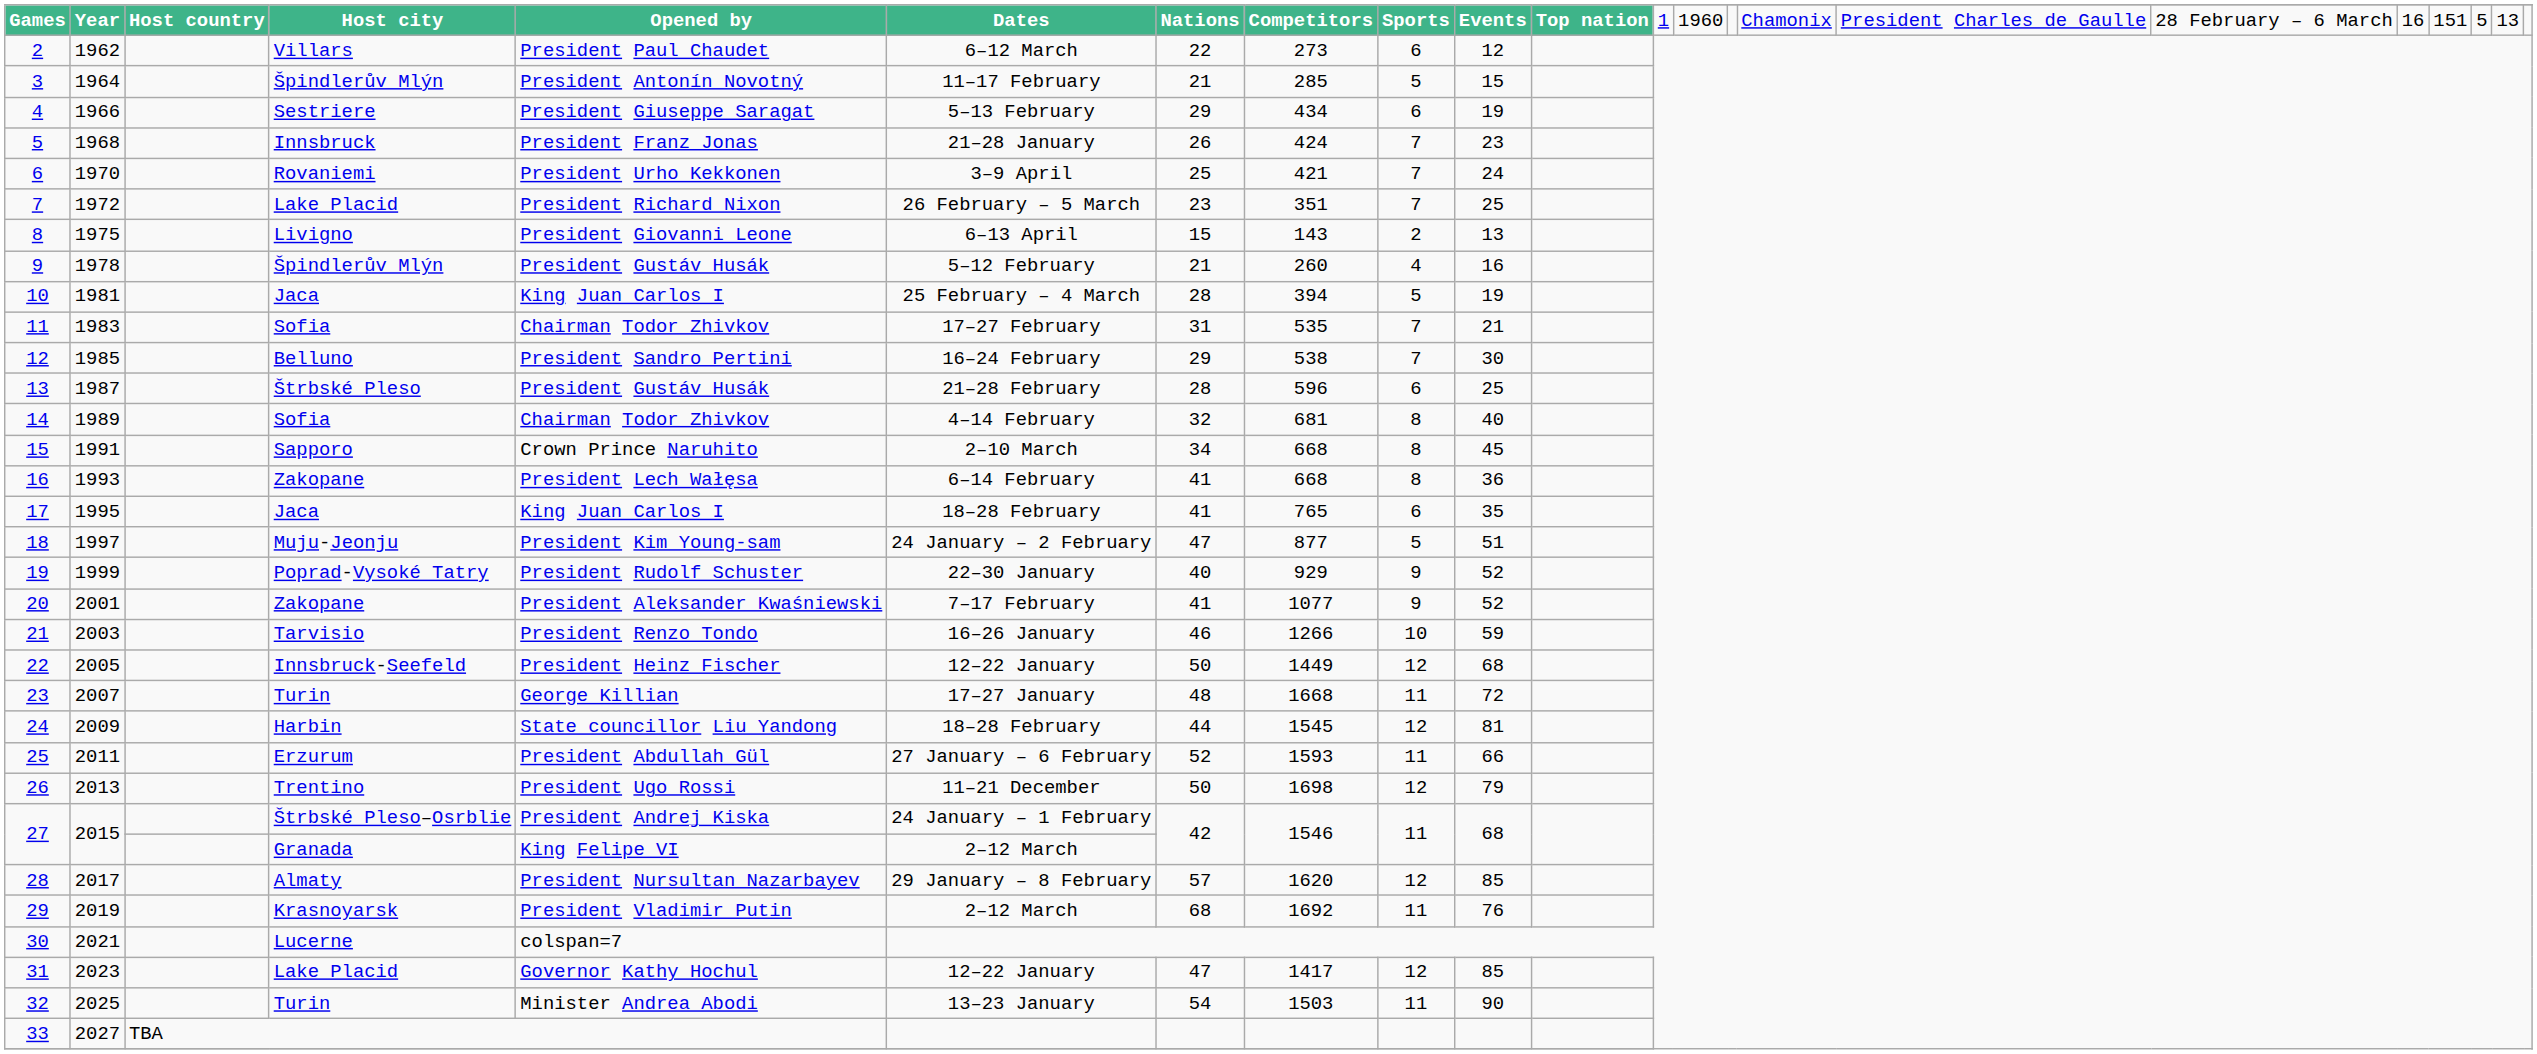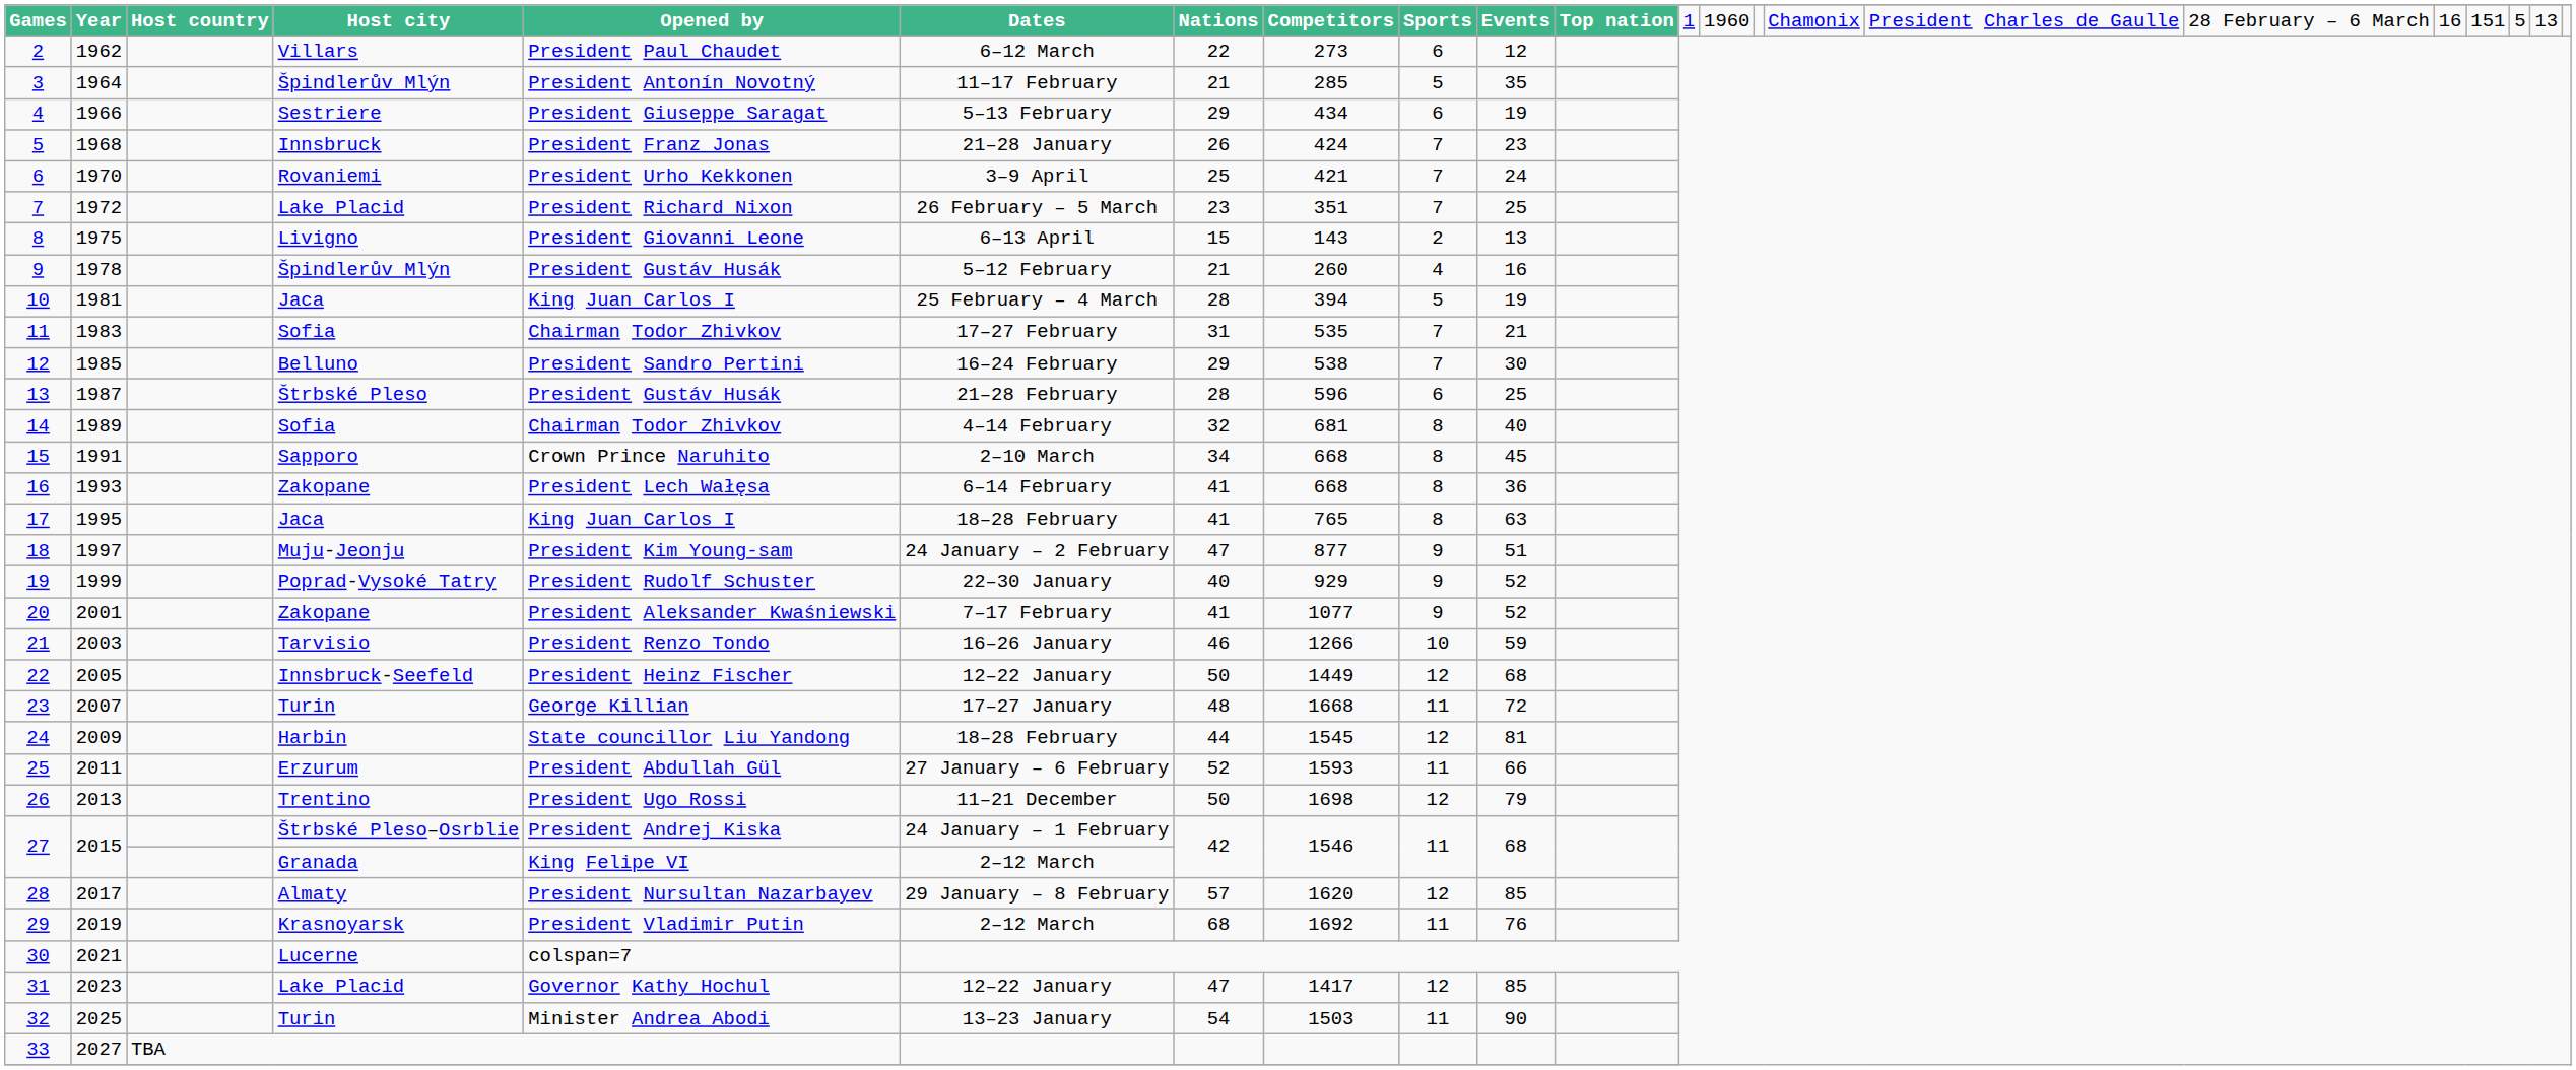 <table class="wikitable sortable" width=  align="center" font-size:70%">
 <tr>
 <th rowspan=2 style="background:#3EB489; color:white;">Games</th>
 <th rowspan=2 style="background:#3EB489; color:white;">Year</th>
 <th rowspan=2 style="background:#3EB489; color:white;">Host country</th>
 <th rowspan=2 style="background:#3EB489; color:white;">Host city</th>
 <th rowspan=2 style="background:#3EB489; color:white;">Opened by</th>
 <th rowspan=2 style="background:#3EB489; color:white;">Dates</th>
 <th rowspan=2 style="background:#3EB489; color:white;">Nations</th>
 <th rowspan=2 style="background:#3EB489; color:white;">Competitors</th>
 <th rowspan=2 style="background:#3EB489; color:white;">Sports</th>
 <th rowspan=2 style="background:#3EB489; color:white;">Events</th>
 <th rowspan=2 style="background:#3EB489; color:white;">Top nation</th>
 </tr>
 <tr>
 <td align=center><a href='#'>1</a></td>
 <td align=center>1960</td>
 <td align=left></td>
 <td><a href='#'>Chamonix</a></td>
 <td align=left><a href='#'>President</a> <a href='#'>Charles de Gaulle</a></td>
 <td align=center>28 February – 6 March</td>
 <td align=center>16</td>
 <td align=center>151</td>
 <td align=center>5</td>
 <td align=center>13</td>
 <td></td>
 </tr>
 <tr>
 <td align=center><a href='#'>2</a></td>
 <td align=center>1962</td>
 <td align=left></td>
 <td><a href='#'>Villars</a></td>
 <td align=left><a href='#'>President</a> <a href='#'>Paul Chaudet</a></td>
 <td align=center>6–12 March</td>
 <td align=center>22</td>
 <td align=center>273</td>
 <td align=center>6</td>
 <td align=center>12</td>
 <td></td>
 </tr>
 <tr>
 <td align=center><a href='#'>3</a></td>
 <td align=center>1964</td>
 <td align=left></td>
 <td><a href='#'>Špindlerův Mlýn</a></td>
 <td align=left><a href='#'>President</a> <a href='#'>Antonín Novotný</a></td>
 <td align=center>11–17 February</td>
 <td align=center>21</td>
 <td align=center>285</td>
 <td align=center>5</td>
-<td align=center>15</td>
+<td align=center>35</td>
 <td></td>
 </tr>
 <tr>
 <td align=center><a href='#'>4</a></td>
 <td align=center>1966</td>
 <td align=left></td>
 <td><a href='#'>Sestriere</a></td>
 <td align=left><a href='#'>President</a> <a href='#'>Giuseppe Saragat</a></td>
 <td align=center>5–13 February</td>
 <td align=center>29</td>
 <td align=center>434</td>
 <td align=center>6</td>
 <td align=center>19</td>
 <td></td>
 </tr>
 <tr>
 <td align=center><a href='#'>5</a></td>
 <td align=center>1968</td>
 <td align=left></td>
 <td><a href='#'>Innsbruck</a></td>
 <td align=left><a href='#'>President</a> <a href='#'>Franz Jonas</a></td>
 <td align=center>21–28 January</td>
 <td align=center>26</td>
 <td align=center>424</td>
 <td align=center>7</td>
 <td align=center>23</td>
 <td></td>
 </tr>
 <tr>
 <td align=center><a href='#'>6</a></td>
 <td align=center>1970</td>
 <td align=left></td>
 <td><a href='#'>Rovaniemi</a></td>
 <td align=left><a href='#'>President</a> <a href='#'>Urho Kekkonen</a></td>
 <td align=center>3–9 April</td>
 <td align=center>25</td>
 <td align=center>421</td>
 <td align=center>7</td>
 <td align=center>24</td>
 <td></td>
 </tr>
 <tr>
 <td align=center><a href='#'>7</a></td>
 <td align=center>1972</td>
 <td align=left></td>
 <td><a href='#'>Lake Placid</a></td>
 <td align=left><a href='#'>President</a> <a href='#'>Richard Nixon</a></td>
 <td align=center>26 February – 5 March</td>
 <td align=center>23</td>
 <td align=center>351</td>
 <td align=center>7</td>
 <td align=center>25</td>
 <td></td>
 </tr>
 <tr>
 <td align=center><a href='#'>8</a></td>
 <td align=center>1975</td>
 <td align=left></td>
 <td><a href='#'>Livigno</a></td>
 <td align=left><a href='#'>President</a> <a href='#'>Giovanni Leone</a></td>
 <td align=center>6–13 April</td>
 <td align=center>15</td>
 <td align=center>143</td>
 <td align=center>2</td>
 <td align=center>13</td>
 <td></td>
 </tr>
 <tr>
 <td align=center><a href='#'>9</a></td>
 <td align=center>1978</td>
 <td align=left></td>
 <td><a href='#'>Špindlerův Mlýn</a></td>
 <td align=left><a href='#'>President</a> <a href='#'>Gustáv Husák</a></td>
 <td align=center>5–12 February</td>
 <td align=center>21</td>
 <td align=center>260</td>
 <td align=center>4</td>
 <td align=center>16</td>
 <td></td>
 </tr>
 <tr>
 <td align=center><a href='#'>10</a></td>
 <td align=center>1981</td>
 <td align=left></td>
 <td><a href='#'>Jaca</a></td>
 <td align=left><a href='#'>King</a> <a href='#'>Juan Carlos I</a></td>
 <td align=center>25 February – 4 March</td>
 <td align=center>28</td>
 <td align=center>394</td>
 <td align=center>5</td>
 <td align=center>19</td>
 <td></td>
 </tr>
 <tr>
 <td align=center><a href='#'>11</a></td>
 <td align=center>1983</td>
 <td align=left></td>
 <td><a href='#'>Sofia</a></td>
 <td align=left><a href='#'>Chairman</a> <a href='#'>Todor Zhivkov</a></td>
 <td align=center>17–27 February</td>
 <td align=center>31</td>
 <td align=center>535</td>
 <td align=center>7</td>
 <td align=center>21</td>
 <td></td>
 </tr>
 <tr>
 <td align=center><a href='#'>12</a></td>
 <td align=center>1985</td>
 <td align=left></td>
 <td><a href='#'>Belluno</a></td>
 <td align=left><a href='#'>President</a> <a href='#'>Sandro Pertini</a></td>
 <td align=center>16–24 February</td>
 <td align=center>29</td>
 <td align=center>538</td>
 <td align=center>7</td>
 <td align=center>30</td>
 <td></td>
 </tr>
 <tr>
 <td align=center><a href='#'>13</a></td>
 <td align=center>1987</td>
 <td align=left></td>
 <td><a href='#'>Štrbské Pleso</a></td>
 <td align=left><a href='#'>President</a> <a href='#'>Gustáv Husák</a></td>
 <td align=center>21–28 February</td>
 <td align=center>28</td>
 <td align=center>596</td>
 <td align=center>6</td>
 <td align=center>25</td>
 <td></td>
 </tr>
 <tr>
 <td align=center><a href='#'>14</a></td>
 <td align=center>1989</td>
 <td align=left></td>
 <td><a href='#'>Sofia</a></td>
 <td align=left><a href='#'>Chairman</a> <a href='#'>Todor Zhivkov</a></td>
 <td align=center>4–14 February</td>
 <td align=center>32</td>
 <td align=center>681</td>
 <td align=center>8</td>
 <td align=center>40</td>
 <td></td>
 </tr>
 <tr>
 <td align=center><a href='#'>15</a></td>
 <td align=center>1991</td>
 <td align=left></td>
 <td><a href='#'>Sapporo</a></td>
 <td align=left>Crown Prince <a href='#'>Naruhito</a></td>
 <td align=center>2–10 March</td>
 <td align=center>34</td>
 <td align=center>668</td>
 <td align=center>8</td>
 <td align=center>45</td>
 <td></td>
 </tr>
 <tr>
 <td align=center><a href='#'>16</a></td>
 <td align=center>1993</td>
 <td align=left></td>
 <td><a href='#'>Zakopane</a></td>
 <td align=left><a href='#'>President</a> <a href='#'>Lech Wałęsa</a></td>
 <td align=center>6–14 February</td>
 <td align=center>41</td>
 <td align=center>668</td>
 <td align=center>8</td>
 <td align=center>36</td>
 <td></td>
 </tr>
 <tr>
 <td align=center><a href='#'>17</a></td>
 <td align=center>1995</td>
 <td align=left></td>
 <td><a href='#'>Jaca</a></td>
 <td align=left><a href='#'>King</a> <a href='#'>Juan Carlos I</a></td>
 <td align=center>18–28 February</td>
 <td align=center>41</td>
 <td align=center>765</td>
-<td align=center>6</td>
-<td align=center>35</td>
+<td align=center>8</td>
+<td align=center>63</td>
 <td></td>
 </tr>
 <tr>
 <td align=center><a href='#'>18</a></td>
 <td align=center>1997</td>
 <td align=left></td>
 <td><a href='#'>Muju</a>-<a href='#'>Jeonju</a></td>
 <td align=left><a href='#'>President</a> <a href='#'>Kim Young-sam</a></td>
 <td align=center>24 January – 2 February</td>
 <td align=center>47</td>
 <td align=center>877</td>
-<td align=center>5</td>
+<td align=center>9</td>
 <td align=center>51</td>
 <td></td>
 </tr>
 <tr>
 <td align=center><a href='#'>19</a></td>
 <td align=center>1999</td>
 <td align=left></td>
 <td><a href='#'>Poprad</a>-<a href='#'>Vysoké Tatry</a></td>
 <td align=left><a href='#'>President</a> <a href='#'>Rudolf Schuster</a></td>
 <td align=center>22–30 January</td>
 <td align=center>40</td>
 <td align=center>929</td>
 <td align=center>9</td>
 <td align=center>52</td>
 <td></td>
 </tr>
 <tr>
 <td align=center><a href='#'>20</a></td>
 <td align=center>2001</td>
 <td align=left></td>
 <td><a href='#'>Zakopane</a></td>
 <td align=left><a href='#'>President</a> <a href='#'>Aleksander Kwaśniewski</a></td>
 <td align=center>7–17 February</td>
 <td align=center>41</td>
 <td align=center>1077</td>
 <td align=center>9</td>
 <td align=center>52</td>
 <td></td>
 </tr>
 <tr>
 <td align=center><a href='#'>21</a></td>
 <td align=center>2003</td>
 <td align=left></td>
 <td><a href='#'>Tarvisio</a></td>
 <td align=left><a href='#'>President</a> <a href='#'>Renzo Tondo</a></td>
 <td align=center>16–26 January</td>
 <td align=center>46</td>
 <td align=center>1266</td>
 <td align=center>10</td>
 <td align=center>59</td>
 <td></td>
 </tr>
 <tr>
 <td align=center><a href='#'>22</a></td>
 <td align=center>2005</td>
 <td align=left></td>
 <td><a href='#'>Innsbruck</a>-<a href='#'>Seefeld</a></td>
 <td align=left><a href='#'>President</a> <a href='#'>Heinz Fischer</a></td>
 <td align=center>12–22 January</td>
 <td align=center>50</td>
 <td align=center>1449</td>
 <td align=center>12</td>
 <td align=center>68</td>
 <td></td>
 </tr>
 <tr>
 <td align=center><a href='#'>23</a></td>
 <td align=center>2007</td>
 <td align=left></td>
 <td><a href='#'>Turin</a></td>
 <td align=left><a href='#'>George Killian</a></td>
 <td align=center>17–27 January</td>
 <td align=center>48</td>
 <td align=center>1668</td>
 <td align=center>11</td>
 <td align=center>72</td>
 <td></td>
 </tr>
 <tr>
 <td align=center><a href='#'>24</a></td>
 <td align=center>2009</td>
 <td align=left></td>
 <td><a href='#'>Harbin</a></td>
 <td align=left><a href='#'>State councillor</a> <a href='#'>Liu Yandong</a></td>
 <td align=center>18–28 February</td>
 <td align=center>44</td>
 <td align=center>1545</td>
 <td align=center>12</td>
 <td align=center>81</td>
 <td></td>
 </tr>
 <tr>
 <td align=center><a href='#'>25</a></td>
 <td align=center>2011</td>
 <td align=left></td>
 <td><a href='#'>Erzurum</a></td>
 <td align=left><a href='#'>President</a> <a href='#'>Abdullah Gül</a></td>
 <td align=center>27 January – 6 February</td>
 <td align=center>52</td>
 <td align=center>1593</td>
 <td align=center>11</td>
 <td align=center>66</td>
 <td></td>
 </tr>
 <tr>
 <td align=center><a href='#'>26</a></td>
 <td align=center>2013</td>
 <td align=left></td>
 <td><a href='#'>Trentino</a></td>
 <td align=left><a href='#'>President</a> <a href='#'>Ugo Rossi</a></td>
 <td align=center>11–21 December</td>
 <td align=center>50</td>
 <td align=center>1698</td>
 <td align=center>12</td>
 <td align=center>79</td>
 <td></td>
 </tr>
 <tr>
 <td rowspan=2 align=center><a href='#'>27</a></td>
 <td rowspan=2 align=center>2015</td>
 <td align=left></td>
 <td><a href='#'>Štrbské Pleso</a>–<a href='#'>Osrblie</a></td>
 <td align=left><a href='#'>President</a> <a href='#'>Andrej Kiska</a></td>
 <td align=center>24 January – 1 February</td>
 <td align=center rowspan=2>42</td>
 <td align=center rowspan=2>1546</td>
 <td align=center rowspan=2>11</td>
 <td align=center rowspan=2>68</td>
 <td rowspan=2></td>
 </tr>
 <tr>
 <td align=left></td>
 <td><a href='#'>Granada</a></td>
 <td align=left><a href='#'>King</a> <a href='#'>Felipe VI</a></td>
 <td align=center>2–12 March</td>
 </tr>
 <tr>
 <td align=center><a href='#'>28</a></td>
 <td align=center>2017</td>
 <td align=left></td>
 <td><a href='#'>Almaty</a></td>
 <td align=left><a href='#'>President</a> <a href='#'>Nursultan Nazarbayev</a></td>
 <td>29 January – 8 February</td>
 <td align=center>57</td>
 <td align=center>1620</td>
 <td align=center>12</td>
 <td align=center>85</td>
 <td></td>
 </tr>
 <tr>
 <td align=center><a href='#'>29</a></td>
 <td align=center>2019</td>
 <td align=left></td>
 <td><a href='#'>Krasnoyarsk</a></td>
 <td align=left><a href='#'>President</a> <a href='#'>Vladimir Putin</a></td>
 <td align=center>2–12 March</td>
 <td align=center>68</td>
 <td align=center>1692</td>
 <td align=center>11</td>
 <td align=center>76</td>
 <td></td>
 </tr>
 <tr>
 <td align=center><a href='#'>30</a></td>
 <td align=center>2021</td>
 <td align=left></td>
 <td><a href='#'>Lucerne</a></td>
 <td>colspan=7 </td>
 </tr>
 <tr>
 <td align=center><a href='#'>31</a></td>
 <td align=center>2023</td>
 <td align=left></td>
 <td><a href='#'>Lake Placid</a></td>
 <td align=left><a href='#'>Governor</a> <a href='#'>Kathy Hochul</a></td>
 <td align=center>12–22 January</td>
 <td align=center>47</td>
 <td align=center>1417</td>
 <td align=center>12</td>
 <td align=center>85</td>
 <td></td>
 </tr>
 <tr>
 <td align=center><a href='#'>32</a></td>
 <td align=center>2025</td>
 <td align=left></td>
 <td><a href='#'>Turin</a></td>
 <td align=left>Minister <a href='#'>Andrea Abodi</a></td>
 <td align=center>13–23 January</td>
 <td align=center>54</td>
 <td align=center>1503</td>
 <td align=center>11</td>
 <td align=center>90</td>
 <td></td>
 </tr>
 <tr>
 <td align=center><a href='#'>33</a></td>
 <td align=center>2027</td>
 <td colspan="3">TBA</td>
 <td align=center></td>
 <td align=center></td>
 <td align=center></td>
 <td align=center></td>
 <td></td>
 <td></td>
 </tr>
 <tr>
 </tr>
 </table>
